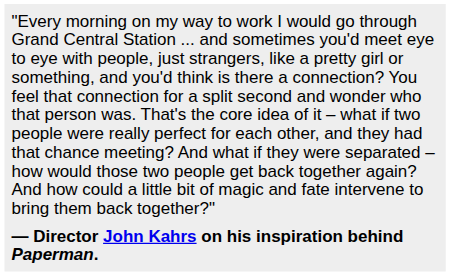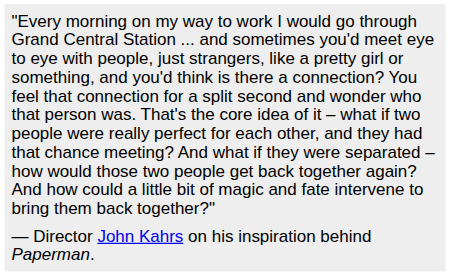 <table class="toccolours" style="float: left; margin-left: 1em; margin-right: 2em; font-size: 85%; background:#eeeeee; color:black; width:30em; max-width: 40%;" cellspacing="5">
 <tr>
 <td style="text-align: left;">"Every morning on my way to work I would go through Grand Central Station ... and sometimes you'd meet eye to eye with people, just strangers, like a pretty girl or something, and you'd think is there a connection? You feel that connection for a split second and wonder who that person was. That's the core idea of it – what if two people were really perfect for each other, and they had that chance meeting? And what if they were separated – how would those two people get back together again? And how could a little bit of magic and fate intervene to bring them back together?"</td>
 </tr>
 <tr>
-<td style="text-align: left;"><strong>— Director <a href='#'>John Kahrs</a> on his inspiration behind <em>Paperman</em>.</strong></td>
+<td style="text-align: left;">— Director <a href='#'>John Kahrs</a> on his inspiration behind <em>Paperman</em>.</td>
 </tr>
 </table>
